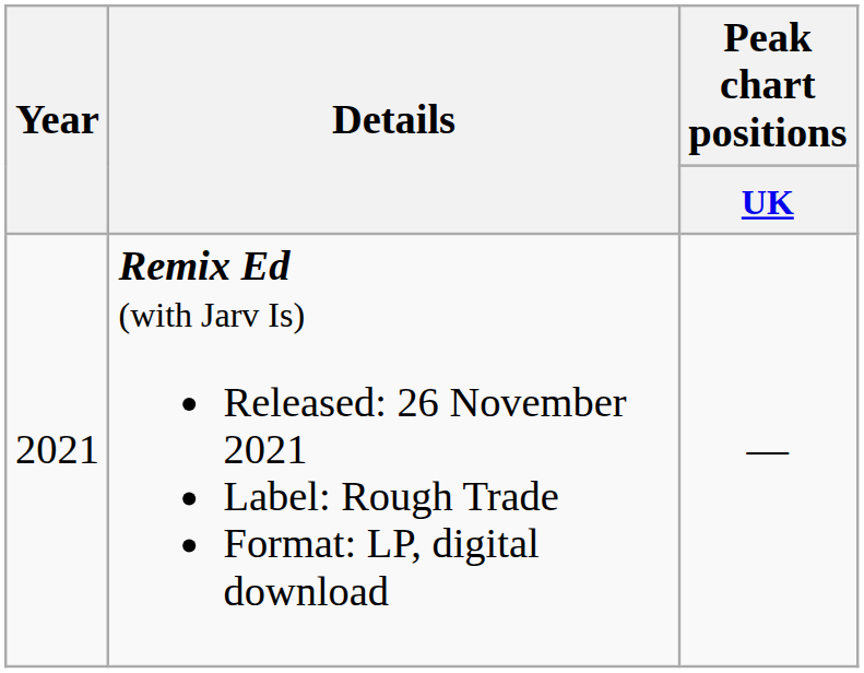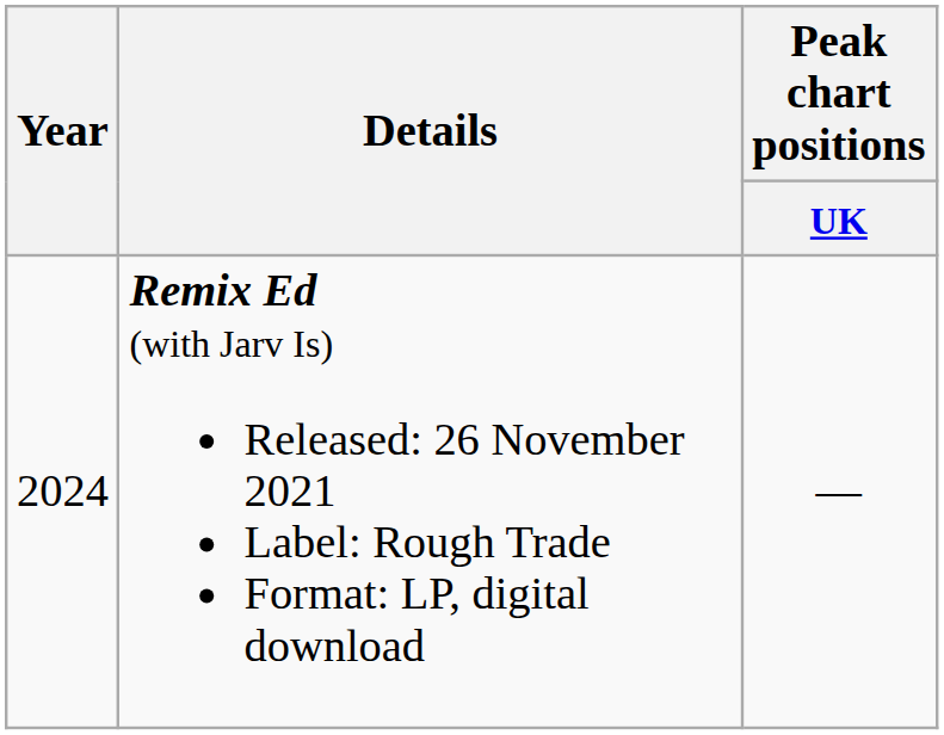 <table class="wikitable" style="text-align:center;">
 <tr>
 <th rowspan="2">Year</th>
 <th rowspan="2" style="width:210px;">Details</th>
 <th colspan="1">Peak chart positions</th>
 </tr>
 <tr>
 <th width="30"><small><a href='#'>UK</a></small><br></th>
 </tr>
 <tr>
-<td>2021</td>
+<td>2024</td>
 <td align="left"><strong><em>Remix Ed</em></strong>  <br><small>(with Jarv Is)</small><br><ul><li>Released: 26 November 2021</li><li>Label: Rough Trade</li><li>Format: LP, digital download</li></ul></td>
 <td align="center">—</td>
 </tr>
 </table>
